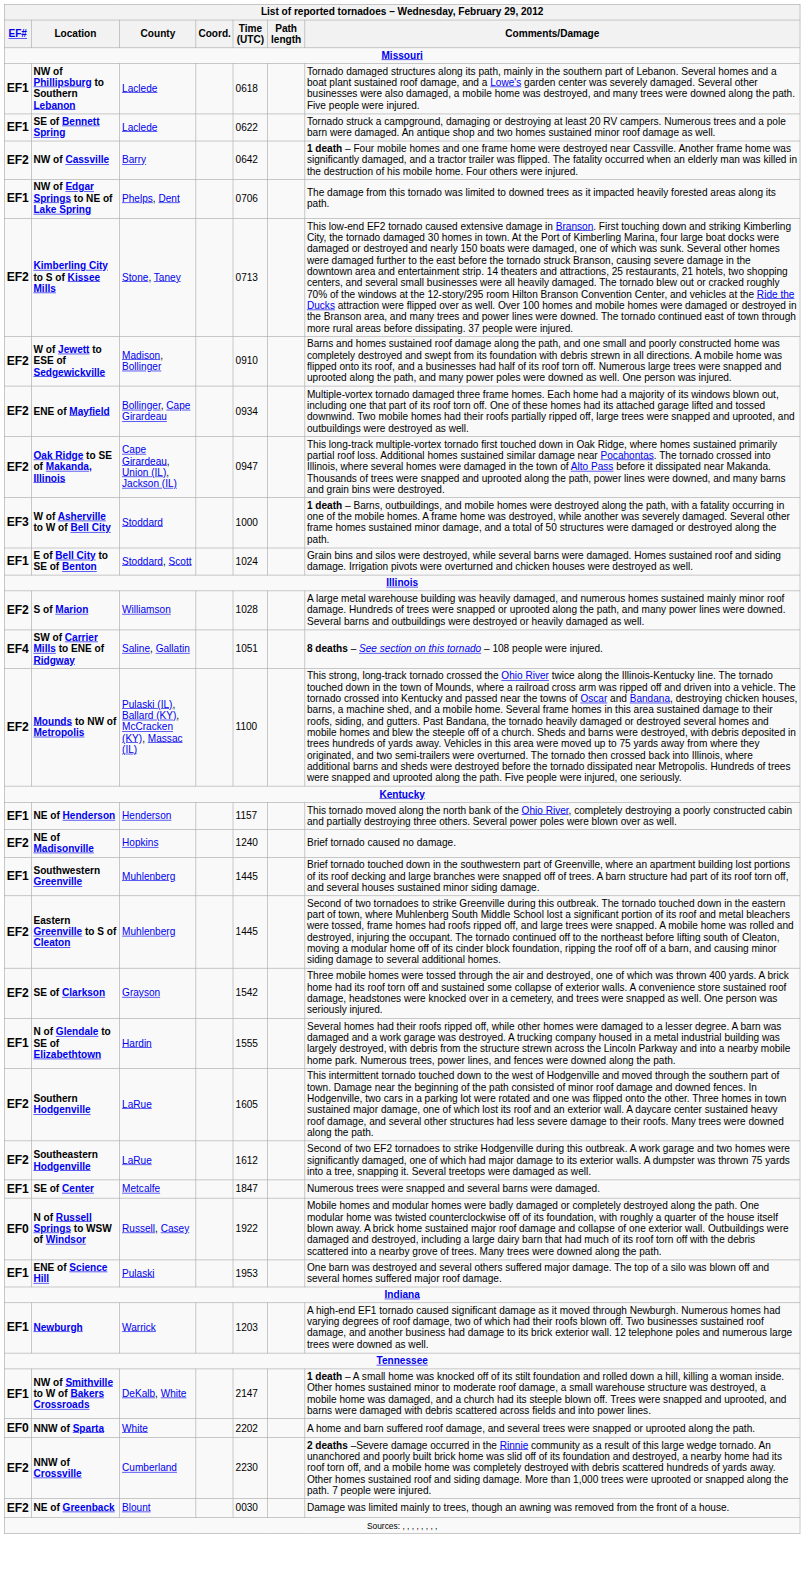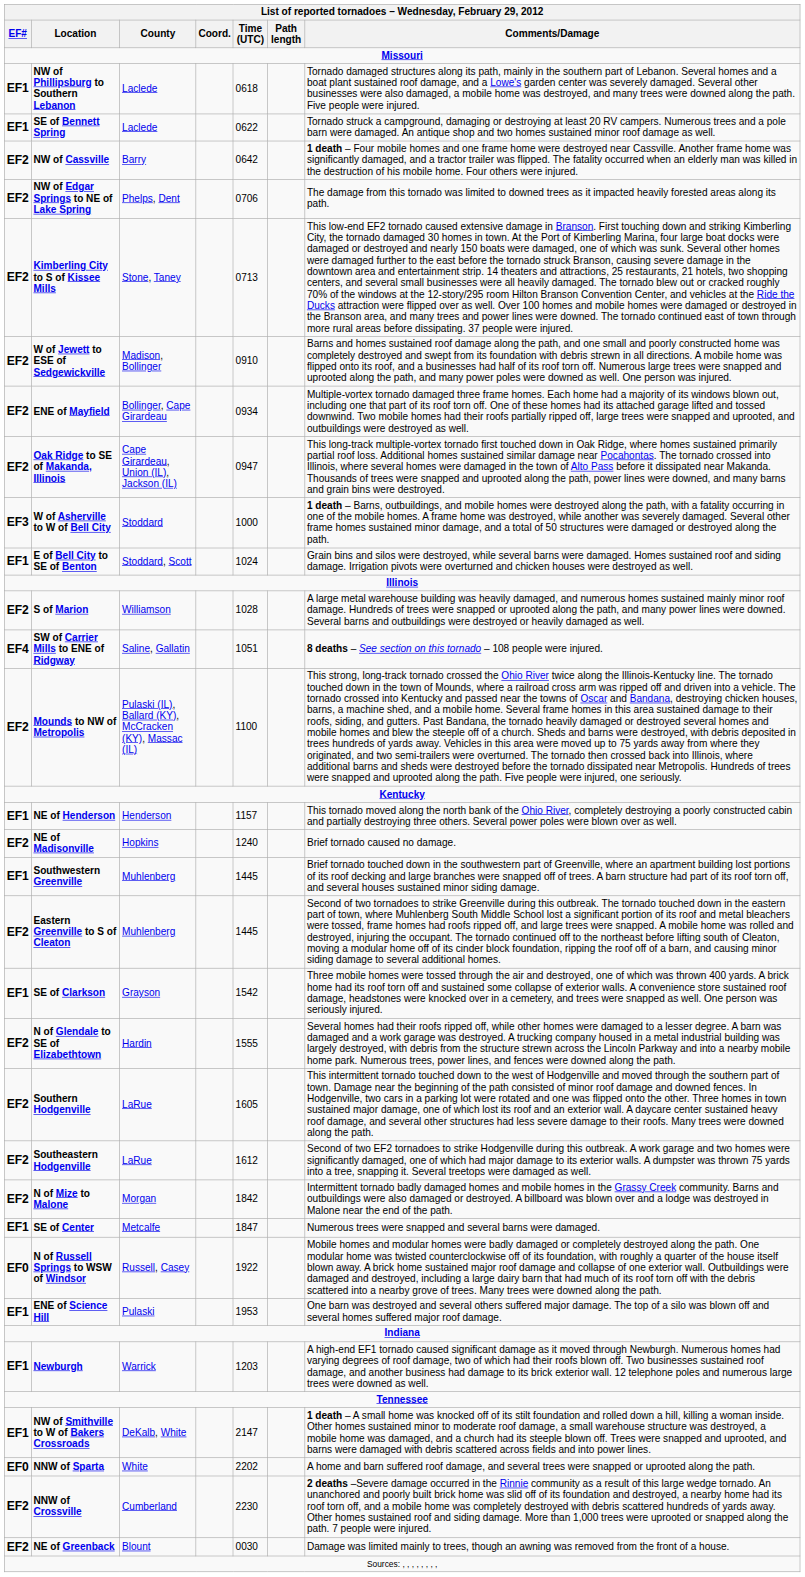 <table class="wikitable collapsible" style="width:100%;">
 <tr>
 <th colspan="7">List of reported tornadoes – Wednesday, February 29, 2012</th>
 </tr>
 <tr>
 <th><a href='#'>EF#</a></th>
 <th>Location</th>
 <th>County</th>
 <th>Coord.</th>
 <th>Time (UTC)</th>
 <th>Path length</th>
 <th>Comments/Damage</th>
 </tr>
 <tr>
 <td colspan="7" style="text-align:center;"><strong><a href='#'>Missouri</a></strong></td>
 </tr>
 <tr>
 <td><big><strong>EF1</strong></big></td>
 <td><strong>NW of <a href='#'>Phillipsburg</a> to Southern <a href='#'>Lebanon</a></strong></td>
 <td><a href='#'>Laclede</a></td>
 <td></td>
 <td>0618</td>
 <td></td>
 <td>Tornado damaged structures along its path, mainly in the southern part of Lebanon. Several homes and a boat plant sustained roof damage, and a <a href='#'>Lowe's</a> garden center was severely damaged. Several other businesses were also damaged, a mobile home was destroyed, and many trees were downed along the path. Five people were injured.</td>
 </tr>
 <tr>
 <td><big><strong>EF1</strong></big></td>
 <td><strong>SE of <a href='#'>Bennett Spring</a></strong></td>
 <td><a href='#'>Laclede</a></td>
 <td></td>
 <td>0622</td>
 <td></td>
 <td>Tornado struck a campground, damaging or destroying at least 20 RV campers. Numerous trees and a pole barn were damaged. An antique shop and two homes sustained minor roof damage as well.</td>
 </tr>
 <tr>
 <td><big><strong>EF2</strong></big></td>
 <td><strong>NW of <a href='#'>Cassville</a></strong></td>
 <td><a href='#'>Barry</a></td>
 <td></td>
 <td>0642</td>
 <td></td>
 <td><strong>1 death</strong> – Four mobile homes and one frame home were destroyed near Cassville. Another frame home was significantly damaged, and a tractor trailer was flipped. The fatality occurred when an elderly man was killed in the destruction of his mobile home. Four others were injured.</td>
 </tr>
 <tr>
-<td><big><strong>EF1</strong></big></td>
+<td><big><strong>EF2</strong></big></td>
 <td><strong>NW of <a href='#'>Edgar Springs</a> to NE of <a href='#'>Lake Spring</a></strong></td>
 <td><a href='#'>Phelps</a>, <a href='#'>Dent</a></td>
 <td></td>
 <td>0706</td>
 <td></td>
 <td>The damage from this tornado was limited to downed trees as it impacted heavily forested areas along its path.</td>
 </tr>
 <tr>
 <td><big><strong>EF2</strong></big></td>
 <td><strong><a href='#'>Kimberling City</a> to S of <a href='#'>Kissee Mills</a></strong></td>
 <td><a href='#'>Stone</a>, <a href='#'>Taney</a></td>
 <td></td>
 <td>0713</td>
 <td></td>
 <td>This low-end EF2 tornado caused extensive damage in <a href='#'>Branson</a>. First touching down and striking Kimberling City, the tornado damaged 30 homes in town. At the Port of Kimberling Marina, four large boat docks were damaged or destroyed and nearly 150 boats were damaged, one of which was sunk. Several other homes were damaged further to the east before the tornado struck Branson, causing severe damage in the downtown area and entertainment strip. 14 theaters and attractions, 25 restaurants, 21 hotels, two shopping centers, and several small businesses were all heavily damaged. The tornado blew out or cracked roughly 70% of the windows at the 12-story/295 room Hilton Branson Convention Center, and vehicles at the <a href='#'>Ride the Ducks</a> attraction were flipped over as well. Over 100 homes and mobile homes were damaged or destroyed in the Branson area, and many trees and power lines were downed. The tornado continued east of town through more rural areas before dissipating. 37 people were injured.</td>
 </tr>
 <tr>
 <td><big><strong>EF2</strong></big></td>
 <td><strong>W of <a href='#'>Jewett</a> to ESE of <a href='#'>Sedgewickville</a></strong></td>
 <td><a href='#'>Madison</a>, <a href='#'>Bollinger</a></td>
 <td></td>
 <td>0910</td>
 <td></td>
 <td>Barns and homes sustained roof damage along the path, and one small and poorly constructed home was completely destroyed and swept from its foundation with debris strewn in all directions. A mobile home was flipped onto its roof, and a businesses had half of its roof torn off. Numerous large trees were snapped and uprooted along the path, and many power poles were downed as well. One person was injured.</td>
 </tr>
 <tr>
 <td><big><strong>EF2</strong></big></td>
 <td><strong>ENE of <a href='#'>Mayfield</a></strong></td>
 <td><a href='#'>Bollinger</a>, <a href='#'>Cape Girardeau</a></td>
 <td></td>
 <td>0934</td>
 <td></td>
 <td>Multiple-vortex tornado damaged three frame homes. Each home had a majority of its windows blown out, including one that part of its roof torn off. One of these homes had its attached garage lifted and tossed  downwind. Two mobile homes had their roofs partially ripped off, large trees were snapped and uprooted, and outbuildings were destroyed as well.</td>
 </tr>
 <tr>
 <td><big><strong>EF2</strong></big></td>
 <td><strong><a href='#'>Oak Ridge</a> to SE of <a href='#'>Makanda, Illinois</a></strong></td>
 <td><a href='#'>Cape Girardeau</a>, <a href='#'>Union (IL)</a>, <a href='#'>Jackson (IL)</a></td>
 <td></td>
 <td>0947</td>
 <td></td>
 <td>This long-track multiple-vortex tornado first touched down in Oak Ridge, where homes sustained primarily partial roof loss. Additional homes sustained similar damage near <a href='#'>Pocahontas</a>. The tornado crossed into Illinois, where several homes were damaged in the town of <a href='#'>Alto Pass</a> before it dissipated near Makanda. Thousands of trees were snapped and uprooted along the path, power lines were downed, and many barns and grain bins were destroyed.</td>
 </tr>
 <tr>
 <td><big><strong>EF3</strong></big></td>
 <td><strong>W of <a href='#'>Asherville</a> to W of <a href='#'>Bell City</a></strong></td>
 <td><a href='#'>Stoddard</a></td>
 <td></td>
 <td>1000</td>
 <td></td>
 <td><strong>1 death</strong> – Barns, outbuildings, and mobile homes were destroyed along the path, with a fatality occurring in one of the mobile homes. A frame home was destroyed, while another was severely damaged. Several other frame homes sustained minor damage, and a total of 50 structures were damaged or destroyed along the path.</td>
 </tr>
 <tr>
 <td><big><strong>EF1</strong></big></td>
 <td><strong>E of <a href='#'>Bell City</a> to SE of <a href='#'>Benton</a></strong></td>
 <td><a href='#'>Stoddard</a>, <a href='#'>Scott</a></td>
 <td></td>
 <td>1024</td>
 <td></td>
 <td>Grain bins and silos were destroyed, while several barns were damaged. Homes sustained roof and siding damage. Irrigation pivots were overturned and chicken houses were destroyed as well.</td>
 </tr>
 <tr>
 <td colspan="7" style="text-align:center;"><strong><a href='#'>Illinois</a></strong></td>
 </tr>
 <tr>
 <td><big><strong>EF2</strong></big></td>
 <td><strong>S of <a href='#'>Marion</a></strong></td>
 <td><a href='#'>Williamson</a></td>
 <td></td>
 <td>1028</td>
 <td></td>
 <td>A large metal warehouse building was heavily damaged, and numerous homes sustained mainly minor roof damage. Hundreds of trees were snapped or uprooted along the path, and many power lines were downed. Several barns and outbuildings were destroyed or heavily damaged as well.</td>
 </tr>
 <tr>
 <td><big><strong>EF4</strong></big></td>
 <td><strong>SW of <a href='#'>Carrier Mills</a> to ENE of <a href='#'>Ridgway</a></strong></td>
 <td><a href='#'>Saline</a>, <a href='#'>Gallatin</a></td>
 <td></td>
 <td>1051</td>
 <td></td>
 <td><strong>8 deaths</strong> – <em><a href='#'>See section on this tornado</a></em> – 108 people were injured.</td>
 </tr>
 <tr>
 <td><big><strong>EF2</strong></big></td>
 <td><strong><a href='#'>Mounds</a> to NW of <a href='#'>Metropolis</a></strong></td>
 <td><a href='#'>Pulaski (IL)</a>, <a href='#'>Ballard (KY)</a>, <a href='#'>McCracken (KY)</a>, <a href='#'>Massac (IL)</a></td>
 <td></td>
 <td>1100</td>
 <td></td>
 <td>This strong, long-track tornado crossed the <a href='#'>Ohio River</a> twice along the Illinois-Kentucky line. The tornado touched down in the town of Mounds, where a railroad cross arm was ripped off and driven into a vehicle. The tornado crossed into Kentucky and passed near the towns of <a href='#'>Oscar</a> and <a href='#'>Bandana</a>, destroying chicken houses, barns, a machine shed, and a mobile home. Several frame homes in this area sustained damage to their roofs, siding, and gutters. Past Bandana, the tornado heavily damaged or destroyed several homes and mobile homes and blew the steeple off of a church. Sheds and barns were destroyed, with debris deposited in trees hundreds of yards away. Vehicles in this area were moved up to 75 yards away from where they originated, and two semi-trailers were overturned. The tornado then crossed back into Illinois, where additional barns and sheds were destroyed before the tornado dissipated near Metropolis. Hundreds of trees were snapped and uprooted along the path. Five people were injured, one seriously.</td>
 </tr>
 <tr>
 <td colspan="7" style="text-align:center;"><strong><a href='#'>Kentucky</a></strong></td>
 </tr>
 <tr>
 <td><big><strong>EF1</strong></big></td>
 <td><strong>NE of <a href='#'>Henderson</a></strong></td>
 <td><a href='#'>Henderson</a></td>
 <td></td>
 <td>1157</td>
 <td></td>
 <td>This tornado moved along the north bank of the <a href='#'>Ohio River</a>, completely destroying a poorly constructed cabin and partially destroying three others. Several power poles were blown over as well.</td>
 </tr>
 <tr>
 <td><big><strong>EF2</strong></big></td>
 <td><strong>NE of <a href='#'>Madisonville</a></strong></td>
 <td><a href='#'>Hopkins</a></td>
 <td></td>
 <td>1240</td>
 <td></td>
 <td>Brief tornado caused no damage.</td>
 </tr>
 <tr>
 <td><big><strong>EF1</strong></big></td>
 <td><strong>Southwestern <a href='#'>Greenville</a></strong></td>
 <td><a href='#'>Muhlenberg</a></td>
 <td></td>
 <td>1445</td>
 <td></td>
 <td>Brief tornado touched down in the southwestern part of Greenville, where an apartment building lost portions of its roof decking and large branches were snapped off of trees. A barn structure had part of its roof torn off, and several houses sustained minor siding damage.</td>
 </tr>
 <tr>
 <td><big><strong>EF2</strong></big></td>
 <td><strong>Eastern <a href='#'>Greenville</a> to S of <a href='#'>Cleaton</a></strong></td>
 <td><a href='#'>Muhlenberg</a></td>
 <td></td>
 <td>1445</td>
 <td></td>
 <td>Second of two tornadoes to strike Greenville during this outbreak. The tornado touched down in the eastern part of town, where Muhlenberg South Middle School lost a significant portion of its roof and metal bleachers were tossed, frame homes had roofs ripped off, and large trees were snapped. A mobile home was rolled and destroyed, injuring the occupant. The tornado continued off to the northeast before lifting south of Cleaton, moving a modular home off of its cinder block foundation, ripping the roof off of a barn, and causing minor siding damage to several additional homes.</td>
 </tr>
 <tr>
-<td><big><strong>EF2</strong></big></td>
+<td><big><strong>EF1</strong></big></td>
 <td><strong>SE of <a href='#'>Clarkson</a></strong></td>
 <td><a href='#'>Grayson</a></td>
 <td></td>
 <td>1542</td>
 <td></td>
 <td>Three mobile homes were tossed through the air and destroyed, one of which was thrown 400 yards. A brick home had its roof torn off and sustained some collapse of exterior walls. A convenience store sustained roof damage, headstones were knocked over in a cemetery, and trees were snapped as well. One person was seriously injured.</td>
 </tr>
 <tr>
-<td><big><strong>EF1</strong></big></td>
+<td><big><strong>EF2</strong></big></td>
 <td><strong>N of <a href='#'>Glendale</a> to SE of <a href='#'>Elizabethtown</a></strong></td>
 <td><a href='#'>Hardin</a></td>
 <td></td>
 <td>1555</td>
 <td></td>
 <td>Several homes had their roofs ripped off, while other homes were damaged to a lesser degree. A barn was damaged and a work garage was destroyed. A trucking company housed in a metal industrial building was largely destroyed, with debris from the structure strewn across the Lincoln Parkway and into a nearby mobile home park. Numerous trees, power lines, and fences were downed along the path.</td>
 </tr>
 <tr>
 <td><big><strong>EF2</strong></big></td>
 <td><strong>Southern <a href='#'>Hodgenville</a></strong></td>
 <td><a href='#'>LaRue</a></td>
 <td></td>
 <td>1605</td>
 <td></td>
 <td>This intermittent tornado touched down to the west of Hodgenville and moved through the southern part of town. Damage near the beginning of the path consisted of minor roof damage and downed fences. In Hodgenville, two cars in a parking lot were rotated and one was flipped onto the other. Three homes in town sustained major damage, one of which lost its roof and an exterior wall. A daycare center sustained heavy roof damage, and several other structures had less severe damage to their roofs. Many trees were downed along the path.</td>
 </tr>
 <tr>
 <td><big><strong>EF2</strong></big></td>
 <td><strong>Southeastern <a href='#'>Hodgenville</a></strong></td>
 <td><a href='#'>LaRue</a></td>
 <td></td>
 <td>1612</td>
 <td></td>
 <td>Second of two EF2 tornadoes to strike Hodgenville during this outbreak. A work garage and two homes were significantly damaged, one of which had major damage to its exterior walls. A dumpster was thrown 75 yards into a tree, snapping it. Several treetops were damaged as well.</td>
+</tr>
+<tr>
+<td><big><strong>EF2</strong></big></td>
+<td><strong>N of <a href='#'>Mize</a> to <a href='#'>Malone</a></strong></td>
+<td><a href='#'>Morgan</a></td>
+<td></td>
+<td>1842</td>
+<td></td>
+<td>Intermittent tornado badly damaged homes and mobile homes in the <a href='#'>Grassy Creek</a> community. Barns and outbuildings were also damaged or destroyed. A billboard was blown over and a lodge was destroyed in Malone near the end of the path.</td>
 </tr>
 <tr>
 <td><big><strong>EF1</strong></big></td>
 <td><strong>SE of <a href='#'>Center</a></strong></td>
 <td><a href='#'>Metcalfe</a></td>
 <td></td>
 <td>1847</td>
 <td></td>
 <td>Numerous trees were snapped and several barns were damaged.</td>
 </tr>
 <tr>
 <td><big><strong>EF0</strong></big></td>
 <td><strong>N of <a href='#'>Russell Springs</a> to WSW of <a href='#'>Windsor</a></strong></td>
 <td><a href='#'>Russell</a>, <a href='#'>Casey</a></td>
 <td></td>
 <td>1922</td>
 <td></td>
 <td>Mobile homes and modular homes were badly damaged or completely destroyed along the path. One modular home was twisted counterclockwise off of its foundation, with roughly a quarter of the house itself blown away. A brick home sustained major roof damage and collapse of one exterior wall. Outbuildings were damaged and destroyed, including a large dairy barn that had much of its roof torn off with the debris scattered into a nearby grove of trees. Many trees were downed along the path.</td>
 </tr>
 <tr>
 <td><big><strong>EF1</strong></big></td>
 <td><strong>ENE of <a href='#'>Science Hill</a></strong></td>
 <td><a href='#'>Pulaski</a></td>
 <td></td>
 <td>1953</td>
 <td></td>
 <td>One barn was destroyed and several others suffered major damage. The top of a silo was blown off and several homes suffered major roof damage.</td>
 </tr>
 <tr>
 <td colspan="7" style="text-align:center;"><strong><a href='#'>Indiana</a></strong></td>
 </tr>
 <tr>
 <td><big><strong>EF1</strong></big></td>
 <td><strong><a href='#'>Newburgh</a></strong></td>
 <td><a href='#'>Warrick</a></td>
 <td></td>
 <td>1203</td>
 <td></td>
 <td>A high-end EF1 tornado caused significant damage as it moved through Newburgh. Numerous homes had varying degrees of roof damage, two of which had their roofs blown off. Two businesses sustained roof damage, and another business had damage to its brick exterior wall. 12 telephone poles and numerous large trees were downed as well.</td>
 </tr>
 <tr>
 <td colspan="7" style="text-align:center;"><strong><a href='#'>Tennessee</a></strong></td>
 </tr>
 <tr>
 <td><big><strong>EF1</strong></big></td>
 <td><strong>NW of <a href='#'>Smithville</a> to W of <a href='#'>Bakers Crossroads</a></strong></td>
 <td><a href='#'>DeKalb</a>, <a href='#'>White</a></td>
 <td></td>
 <td>2147</td>
 <td></td>
 <td><strong>1 death</strong> – A small home was knocked off of its stilt foundation and rolled down a hill, killing a woman inside. Other homes sustained minor to moderate roof damage, a small warehouse structure was destroyed, a mobile home was damaged, and a church had its steeple blown off. Trees were snapped and uprooted, and barns were damaged with debris scattered across fields and into power lines.</td>
 </tr>
 <tr>
 <td><big><strong>EF0</strong></big></td>
 <td><strong>NNW of <a href='#'>Sparta</a></strong></td>
 <td><a href='#'>White</a></td>
 <td></td>
 <td>2202</td>
 <td></td>
 <td>A home and barn suffered roof damage, and several trees were snapped or uprooted along the path.</td>
 </tr>
 <tr>
 <td><big><strong>EF2</strong></big></td>
 <td><strong>NNW of <a href='#'>Crossville</a></strong></td>
 <td><a href='#'>Cumberland</a></td>
 <td></td>
 <td>2230</td>
 <td></td>
 <td><strong>2 deaths</strong> –Severe damage occurred in the <a href='#'>Rinnie</a> community as a result of this large wedge tornado. An unanchored and poorly built brick home was slid off of its foundation and destroyed, a nearby home had its roof torn off, and a mobile home was completely destroyed with debris scattered hundreds of yards away. Other homes sustained roof and siding damage. More than 1,000 trees were uprooted or snapped along the path. 7 people were injured.</td>
 </tr>
 <tr>
 <td><big><strong>EF2</strong></big></td>
 <td><strong>NE of <a href='#'>Greenback</a></strong></td>
 <td><a href='#'>Blount</a></td>
 <td></td>
 <td>0030</td>
 <td></td>
 <td>Damage was limited mainly to trees, though an awning was removed from the front of a house.</td>
 </tr>
 <tr>
 <td colspan="7" style="text-align:center;"><small>Sources: , , , , , , , , </small></td>
 </tr>
 </table>
